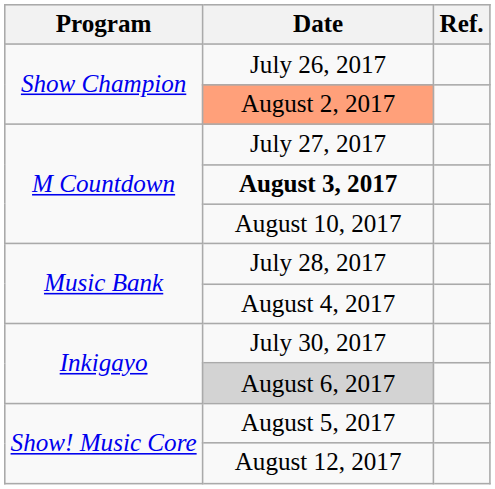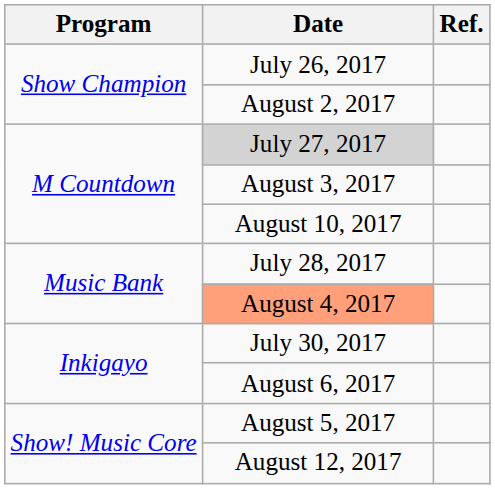 <table class="wikitable" style="text-align:center;">
 <tr>
 <th>Program</th>
 <th style="width:140px;">Date</th>
 <th>Ref.</th>
 </tr>
 <tr>
 <td rowspan="2"><em><a href='#'>Show Champion</a></em></td>
 <td>July 26, 2017</td>
 <td></td>
 </tr>
 <tr>
-<td style="background: lightsalmon;">August 2, 2017</td>
+<td>August 2, 2017</td>
 <td></td>
 </tr>
 <tr>
 <td rowspan="3"><em><a href='#'>M Countdown</a></em></td>
-<td>July 27, 2017</td>
+<td style="background: lightgrey;">July 27, 2017</td>
 <td></td>
 </tr>
 <tr>
-<td><strong>August 3, 2017</strong></td>
+<td>August 3, 2017</td>
 <td></td>
 </tr>
 <tr>
 <td>August 10, 2017</td>
 <td></td>
 </tr>
 <tr>
 <td rowspan="2"><em><a href='#'>Music Bank</a></em></td>
 <td>July 28, 2017</td>
 <td></td>
 </tr>
 <tr>
-<td>August 4, 2017</td>
+<td style="background: lightsalmon;">August 4, 2017</td>
 <td></td>
 </tr>
 <tr>
 <td rowspan="2"><em><a href='#'>Inkigayo</a></em></td>
 <td>July 30, 2017</td>
 <td></td>
 </tr>
 <tr>
-<td style="background: lightgrey;">August 6, 2017</td>
+<td>August 6, 2017</td>
 <td></td>
 </tr>
 <tr>
 <td rowspan="2"><em><a href='#'>Show! Music Core</a></em></td>
 <td>August 5, 2017</td>
 <td></td>
 </tr>
 <tr>
 <td>August 12, 2017</td>
 <td></td>
 </tr>
 </table>
